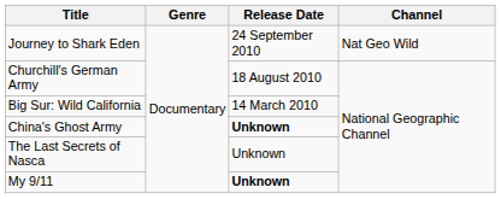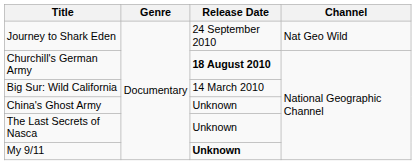 <table class="wikitable sortable">
 <tr>
 <th>Title</th>
 <th>Genre</th>
 <th>Release Date</th>
 <th>Channel</th>
 </tr>
 <tr>
 <td>Journey to Shark Eden</td>
 <td rowspan="6">Documentary</td>
 <td>24 September 2010</td>
 <td>Nat Geo Wild</td>
 </tr>
 <tr>
 <td>Churchill's German Army</td>
-<td>18 August 2010</td>
+<td><strong>18 August 2010</strong></td>
 <td rowspan="5">National Geographic Channel</td>
 </tr>
 <tr>
 <td>Big Sur: Wild California</td>
 <td>14 March 2010</td>
 </tr>
 <tr>
 <td>China's Ghost Army</td>
-<td><strong>Unknown</strong></td>
+<td>Unknown</td>
 </tr>
 <tr>
 <td>The Last Secrets of Nasca</td>
 <td>Unknown</td>
 </tr>
 <tr>
 <td>My 9/11</td>
 <td><strong>Unknown</strong></td>
 </tr>
 </table>
